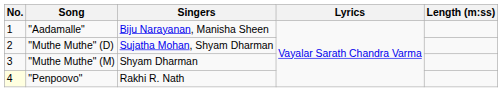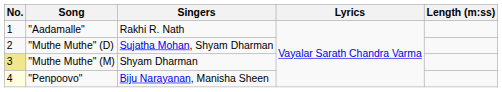 <table class="wikitable">
 <tr>
 <th>No.</th>
 <th>Song</th>
 <th>Singers</th>
 <th>Lyrics</th>
 <th>Length (m:ss)</th>
 </tr>
 <tr>
 <td>1</td>
 <td>"Aadamalle"</td>
-<td><a href='#'>Biju Narayanan</a>, Manisha Sheen</td>
+<td>Rakhi R. Nath</td>
 <td rowspan="4"><a href='#'>Vayalar Sarath Chandra Varma</a></td>
 <td></td>
 </tr>
 <tr>
 <td>2</td>
 <td>"Muthe Muthe" (D)</td>
 <td><a href='#'>Sujatha Mohan</a>, Shyam Dharman</td>
 <td></td>
 </tr>
 <tr>
-<td>3</td>
+<td style="background: khaki;">3</td>
 <td>"Muthe Muthe" (M)</td>
 <td>Shyam Dharman</td>
 <td></td>
 </tr>
 <tr>
 <td style="background: lightyellow;">4</td>
 <td>"Penpoovo"</td>
-<td>Rakhi R. Nath</td>
+<td><a href='#'>Biju Narayanan</a>, Manisha Sheen</td>
 <td></td>
 </tr>
 </table>
